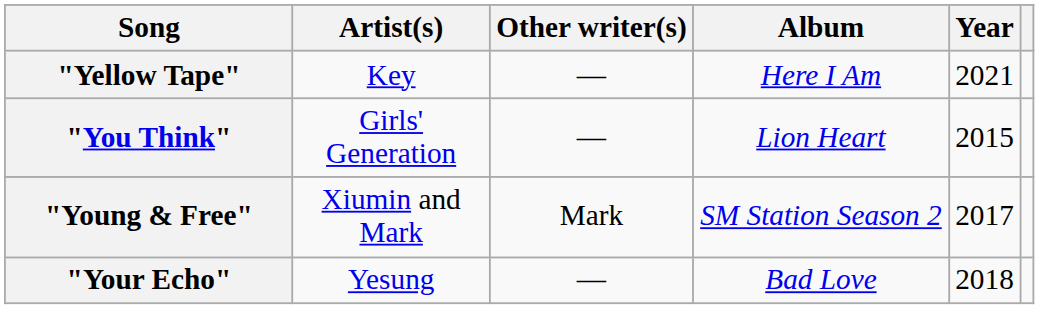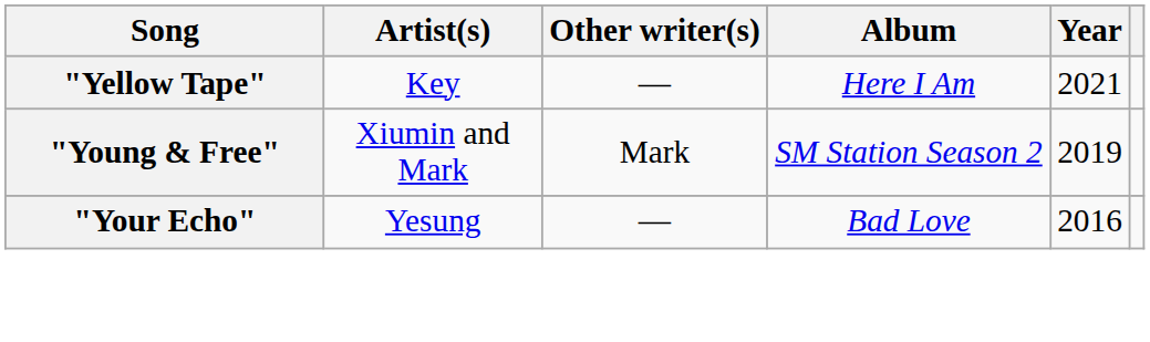 <table class="wikitable sortable plainrowheaders" style="text-align:center;">
 <tr>
 <th scope="col" width="150">Song</th>
 <th scope="col" width="100">Artist(s)</th>
 <th scope="col" class="unsortable">Other writer(s)</th>
 <th scope="col" data-sort-type="text">Album</th>
 <th scope="col">Year</th>
 <th scope="col" class="unsortable"></th>
 </tr>
 <tr>
 <th scope="row">"Yellow Tape"</th>
 <td><a href='#'>Key</a></td>
 <td>—</td>
 <td><em><a href='#'>Here I Am</a></em></td>
 <td>2021</td>
 <td style="text-align:center;"></td>
 </tr>
 <tr>
-<th scope="row">"<a href='#'>You Think</a>"</th>
-<td><a href='#'>Girls' Generation</a></td>
-<td>—</td>
-<td><em><a href='#'>Lion Heart</a></em></td>
-<td>2015</td>
-<td style="text-align:center;"></td>
-</tr>
-<tr>
 <th scope="row">"Young & Free"</th>
 <td><a href='#'>Xiumin</a> and <a href='#'>Mark</a></td>
 <td>Mark</td>
 <td><em><a href='#'>SM Station Season 2</a></em></td>
-<td>2017</td>
+<td>2019</td>
 <td style="text-align:center;"></td>
 </tr>
 <tr>
 <th scope="row">"Your Echo"</th>
 <td><a href='#'>Yesung</a></td>
 <td>—</td>
 <td><em><a href='#'>Bad Love</a></em></td>
-<td>2018</td>
+<td>2016</td>
 <td style="text-align:center;"></td>
 </tr>
 </table>
